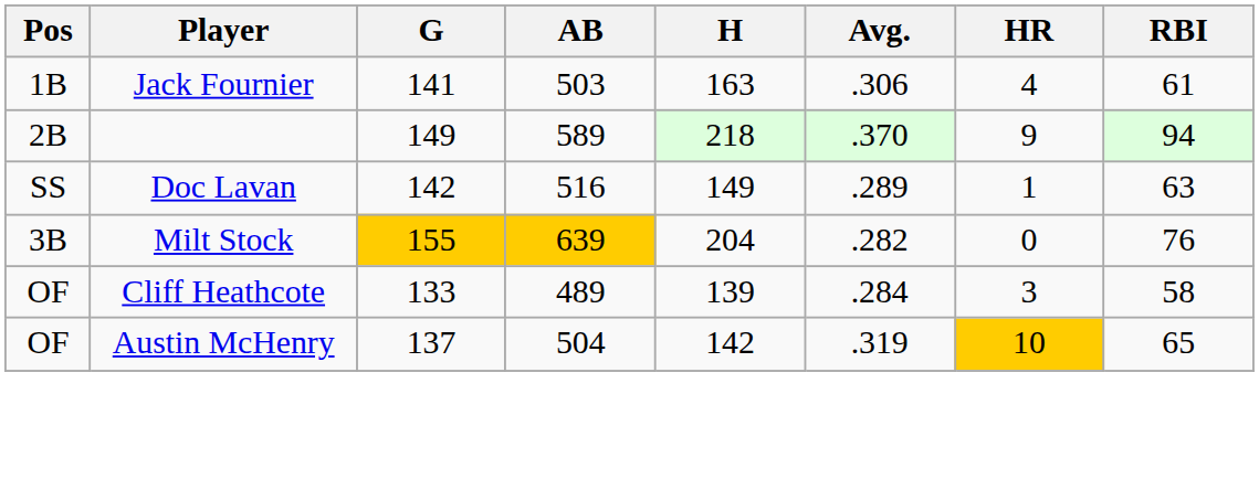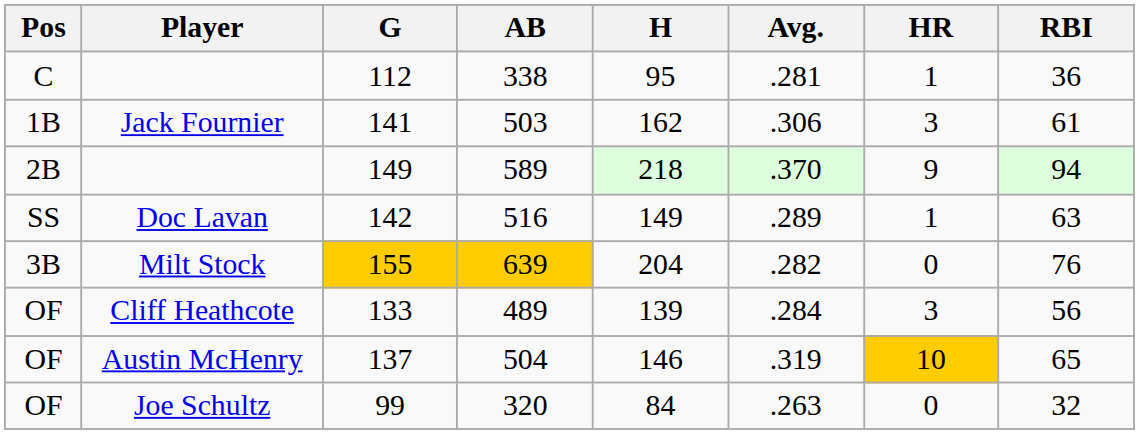 <table class="wikitable sortable">
 <tr>
 <th bgcolor="#DDDDFF" width="5%">Pos</th>
 <th bgcolor="#DDDDFF" width="16%">Player</th>
 <th bgcolor="#DDDDFF" width="9%">G</th>
 <th bgcolor="#DDDDFF" width="9%">AB</th>
 <th bgcolor="#DDDDFF" width="9%">H</th>
 <th bgcolor="#DDDDFF" width="9%">Avg.</th>
 <th bgcolor="#DDDDFF" width="9%">HR</th>
 <th bgcolor="#DDDDFF" width="9%">RBI</th>
 </tr>
 <tr align="center">
+<td>C</td>
+<td></td>
+<td>112</td>
+<td>338</td>
+<td>95</td>
+<td>.281</td>
+<td>1</td>
+<td>36</td>
+</tr>
+<tr align="center">
 <td>1B</td>
 <td><a href='#'>Jack Fournier</a></td>
 <td>141</td>
 <td>503</td>
-<td>163</td>
+<td>162</td>
 <td>.306</td>
-<td>4</td>
+<td>3</td>
 <td>61</td>
 </tr>
 <tr align=center>
 <td>2B</td>
 <td></td>
 <td>149</td>
 <td>589</td>
 <td style="background:#DDFFDD;">218</td>
 <td style="background:#DDFFDD;">.370</td>
 <td>9</td>
 <td style="background:#DDFFDD;">94</td>
 </tr>
 <tr align="center">
 <td>SS</td>
 <td><a href='#'>Doc Lavan</a></td>
 <td>142</td>
 <td>516</td>
 <td>149</td>
 <td>.289</td>
 <td>1</td>
 <td>63</td>
 </tr>
 <tr align=center>
 <td>3B</td>
 <td><a href='#'>Milt Stock</a></td>
 <td style="background:#fc0;">155</td>
 <td style="background:#fc0;">639</td>
 <td>204</td>
 <td>.282</td>
 <td>0</td>
 <td>76</td>
 </tr>
 <tr align=center>
 <td>OF</td>
 <td><a href='#'>Cliff Heathcote</a></td>
 <td>133</td>
 <td>489</td>
 <td>139</td>
 <td>.284</td>
 <td>3</td>
-<td>58</td>
+<td>56</td>
 </tr>
 <tr align=center>
 <td>OF</td>
 <td><a href='#'>Austin McHenry</a></td>
 <td>137</td>
 <td>504</td>
-<td>142</td>
+<td>146</td>
 <td>.319</td>
 <td style="background:#fc0;">10</td>
 <td>65</td>
 </tr>
+<tr align=center>
+<td>OF</td>
+<td><a href='#'>Joe Schultz</a></td>
+<td>99</td>
+<td>320</td>
+<td>84</td>
+<td>.263</td>
+<td>0</td>
+<td>32</td>
+</tr>
 </table>
